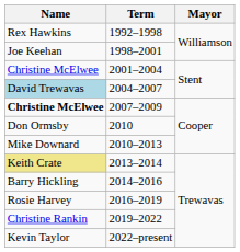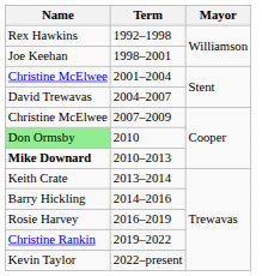 <table class="wikitable">
 <tr>
 <th>Name</th>
 <th>Term</th>
 <th>Mayor</th>
 </tr>
 <tr>
 <td>Rex Hawkins</td>
 <td>1992–1998</td>
 <td rowspan=2>Williamson</td>
 </tr>
 <tr>
 <td>Joe Keehan</td>
 <td>1998–2001</td>
 </tr>
 <tr>
 <td><a href='#'>Christine McElwee</a></td>
 <td>2001–2004</td>
 <td rowspan=2>Stent</td>
 </tr>
 <tr>
-<td style="background: lightblue;">David Trewavas</td>
+<td>David Trewavas</td>
 <td>2004–2007</td>
 </tr>
 <tr>
-<td><strong>Christine McElwee</strong></td>
+<td>Christine McElwee</td>
 <td>2007–2009</td>
 <td rowspan=3>Cooper</td>
 </tr>
 <tr>
-<td>Don Ormsby</td>
+<td style="background: lightgreen;">Don Ormsby</td>
 <td>2010</td>
 </tr>
 <tr>
-<td>Mike Downard</td>
+<td><strong>Mike Downard</strong></td>
 <td>2010–2013</td>
 </tr>
 <tr>
-<td style="background: khaki;">Keith Crate</td>
+<td>Keith Crate</td>
 <td>2013–2014</td>
 <td rowspan=5>Trewavas</td>
 </tr>
 <tr>
 <td>Barry Hickling</td>
 <td>2014–2016</td>
 </tr>
 <tr>
 <td>Rosie Harvey</td>
 <td>2016–2019</td>
 </tr>
 <tr>
 <td><a href='#'>Christine Rankin</a></td>
 <td>2019–2022</td>
 </tr>
 <tr>
 <td>Kevin Taylor</td>
 <td>2022–present</td>
 </tr>
 </table>
